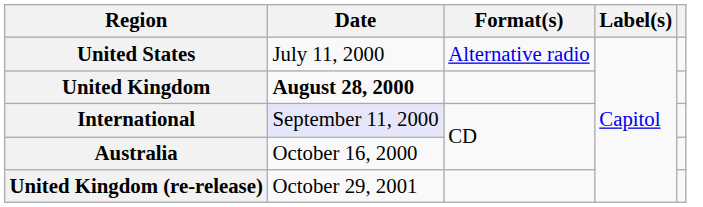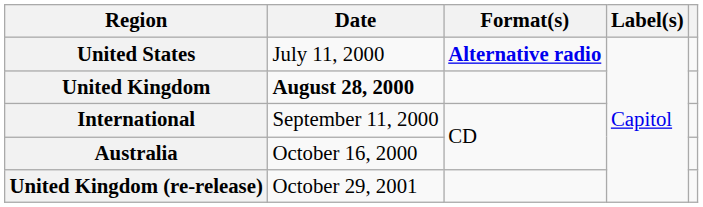 <table class="wikitable plainrowheaders">
 <tr>
 <th scope="col">Region</th>
 <th scope="col">Date</th>
 <th scope="col">Format(s)</th>
 <th scope="col">Label(s)</th>
 <th scope="col"></th>
 </tr>
 <tr>
 <th scope="row">United States</th>
 <td>July 11, 2000</td>
-<td><a href='#'>Alternative radio</a></td>
+<td><strong><a href='#'>Alternative radio</a></strong></td>
 <td rowspan="5"><a href='#'>Capitol</a></td>
 <td></td>
 </tr>
 <tr>
 <th scope="row">United Kingdom</th>
 <td><strong>August 28, 2000</strong></td>
 <td></td>
 <td></td>
 </tr>
 <tr>
 <th scope="row">International</th>
-<td style="background: lavender;">September 11, 2000</td>
+<td>September 11, 2000</td>
 <td rowspan="2">CD</td>
 <td></td>
 </tr>
 <tr>
 <th scope="row">Australia</th>
 <td>October 16, 2000</td>
 <td></td>
 </tr>
 <tr>
 <th scope="row">United Kingdom (re-release)</th>
 <td>October 29, 2001</td>
 <td></td>
 <td></td>
 </tr>
 </table>
